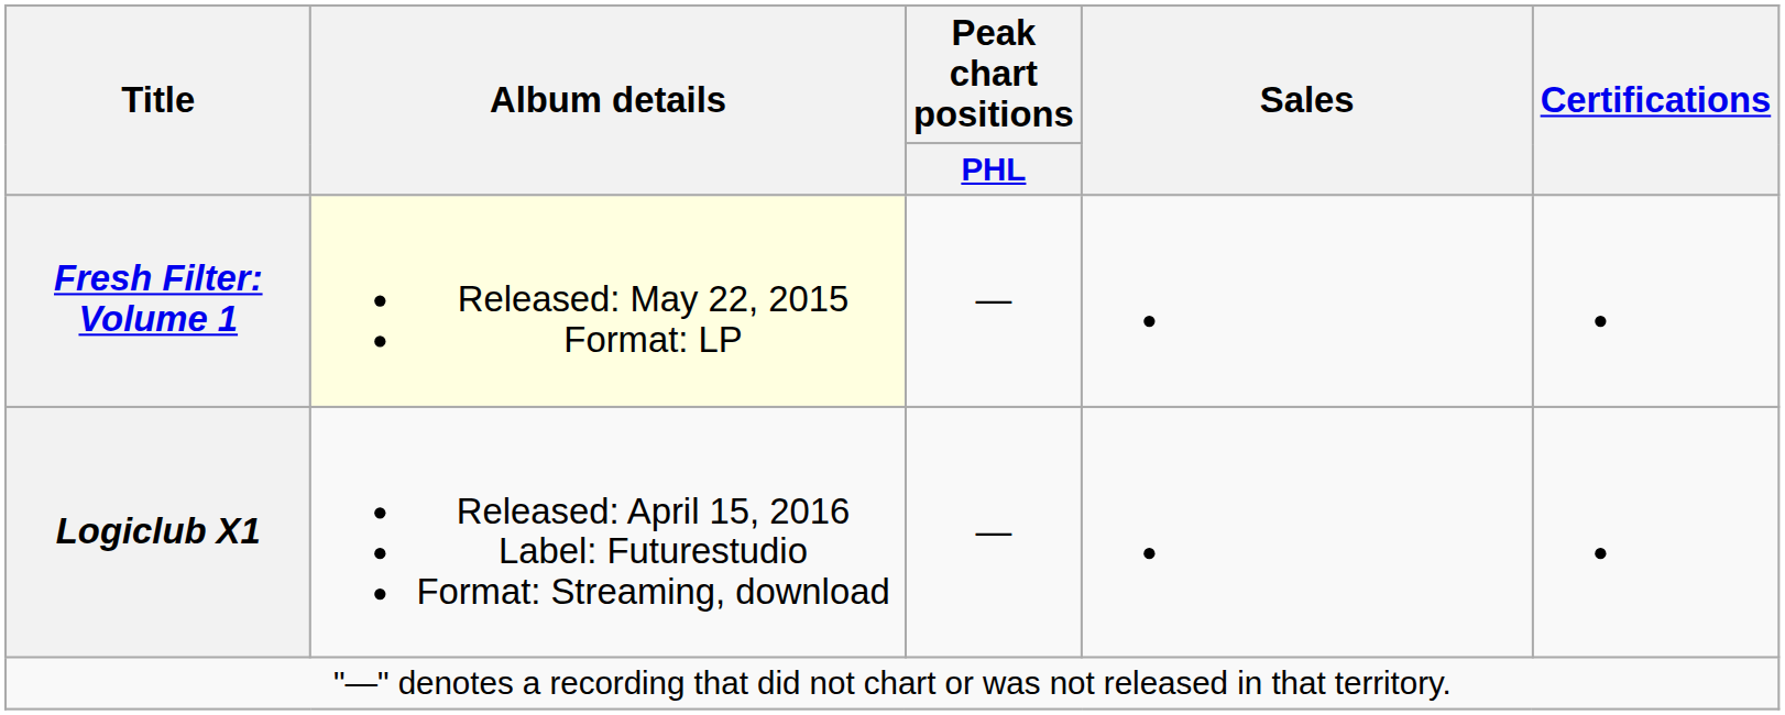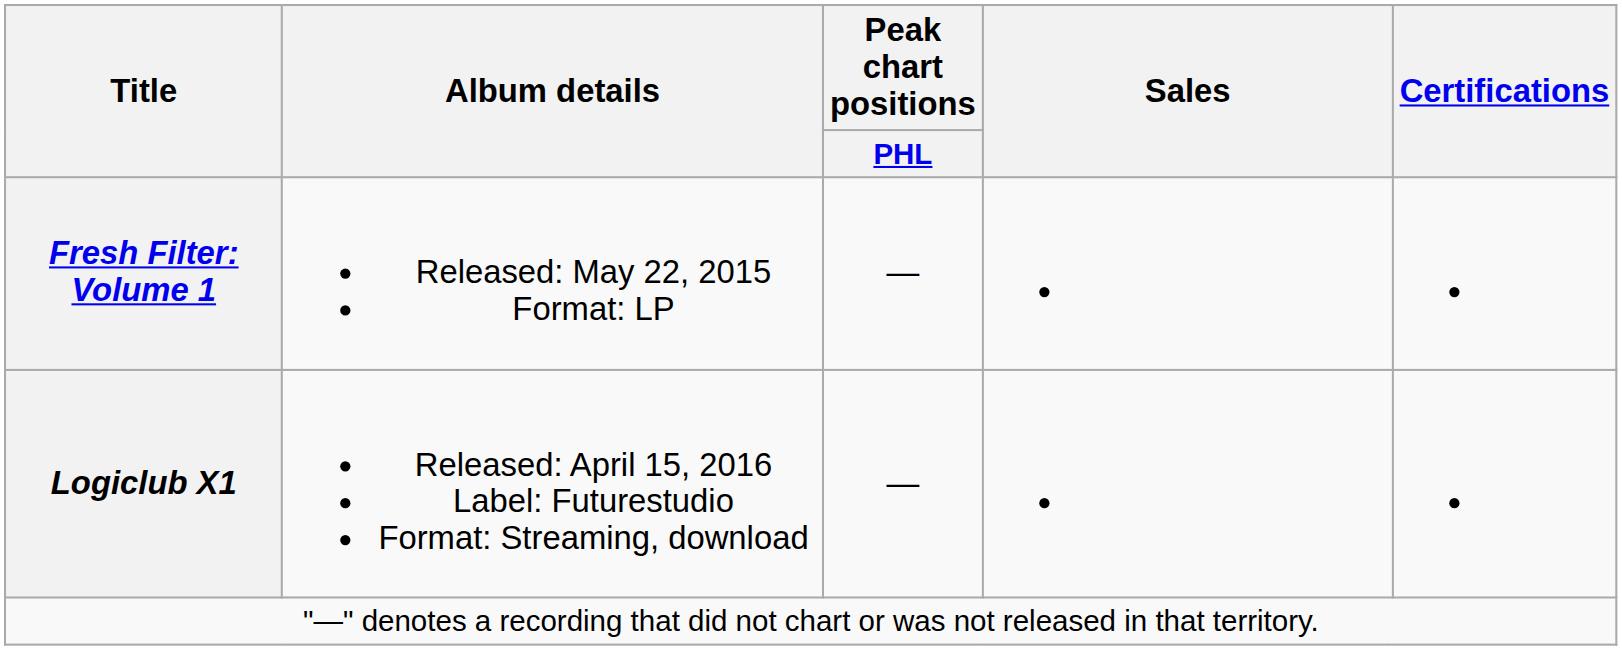 <table class="wikitable plainrowheaders" style="text-align:center;" border="1">
 <tr>
 <th scope="col" rowspan="2" style="width:8em;">Title</th>
 <th scope="col" rowspan="2" style="width:16em;">Album details</th>
 <th scope="col">Peak chart positions</th>
 <th scope="col" rowspan="2" style="width:12em;">Sales</th>
 <th scope="col" rowspan="2"><a href='#'>Certifications</a></th>
 </tr>
 <tr>
 <th scope="col" style="width:2.2em;font-size:90%;"><a href='#'>PHL</a><br></th>
 </tr>
 <tr>
 <th scope="row"><em><a href='#'>Fresh Filter: Volume 1</a></em></th>
-<td style="background: lightyellow;"><br><ul><li>Released: May 22, 2015</li><li>Format: LP</li></ul></td>
+<td><br><ul><li>Released: May 22, 2015</li><li>Format: LP</li></ul></td>
 <td>—</td>
 <td><br><ul><li></li></ul></td>
 <td><br><ul><li></li></ul></td>
 </tr>
 <tr>
 <th scope="row"><em>Logiclub X1</em></th>
 <td><br><ul><li>Released: April 15, 2016</li><li>Label: Futurestudio</li><li>Format: Streaming, download</li></ul></td>
 <td>—</td>
 <td><br><ul><li></li></ul></td>
 <td><br><ul><li></li></ul></td>
 </tr>
 <tr>
 <td colspan="14" style="font-size:90%">"—" denotes a recording that did not chart or was not released in that territory.</td>
 </tr>
 </table>
